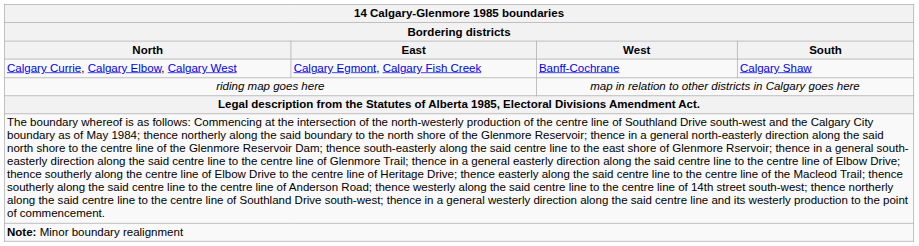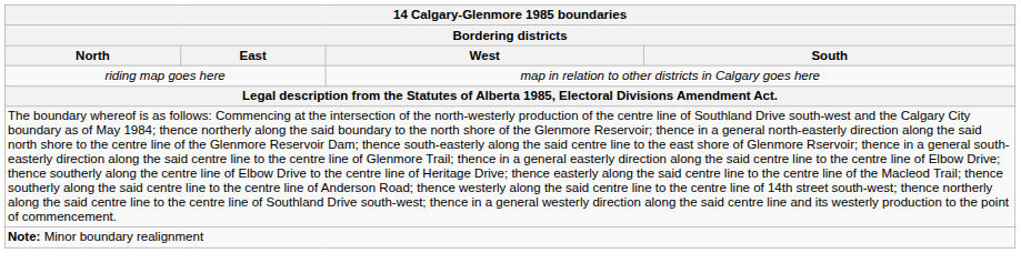 <table class="wikitable collapsible collapsed" style="width:100%;">
 <tr>
 <th colspan=4>14 Calgary-Glenmore 1985 boundaries</th>
 </tr>
 <tr>
 <th colspan=4>Bordering districts</th>
 </tr>
 <tr>
 <th>North</th>
 <th>East</th>
 <th>West</th>
 <th>South</th>
-</tr>
-<tr>
-<td><a href='#'>Calgary Currie</a>, <a href='#'>Calgary Elbow</a>, <a href='#'>Calgary West</a></td>
-<td><a href='#'>Calgary Egmont</a>, <a href='#'>Calgary Fish Creek</a></td>
-<td><a href='#'>Banff-Cochrane</a></td>
-<td><a href='#'>Calgary Shaw</a></td>
 </tr>
 <tr>
 <td colspan=2 align=center><em>riding map goes here</em></td>
 <td colspan=2 align=center><em>map in relation to other districts in Calgary goes here</em></td>
 </tr>
 <tr>
 <th colspan=4>Legal description from the Statutes of Alberta 1985, Electoral Divisions Amendment Act.</th>
 </tr>
 <tr>
 <td colspan=4>The boundary whereof is as follows: Commencing at the intersection of the north-westerly production of the centre line of Southland Drive south-west and the Calgary City boundary as of May 1984; thence northerly along the said boundary to the north shore of the Glenmore Reservoir; thence in a general north-easterly direction along the said north shore to the centre line of the Glenmore Reservoir Dam; thence south-easterly along the said centre line to the east shore of Glenmore Rservoir; thence in a general south-easterly direction along the said centre line to the centre line of Glenmore Trail; thence in a general easterly direction along the said centre line to the centre line of Elbow Drive; thence southerly along the centre line of Elbow Drive to the centre line of Heritage Drive; thence easterly along the said centre line to the centre line of the Macleod Trail; thence southerly along the said centre line to the centre line of Anderson Road; thence westerly along the said centre line to the centre line of 14th street south-west; thence northerly along the said centre line to the centre line of Southland Drive south-west; thence in a general westerly direction along the said centre line and its westerly production to the point of commencement.</td>
 </tr>
 <tr>
 <td colspan=4><strong>Note:</strong> Minor boundary realignment</td>
 </tr>
 </table>
